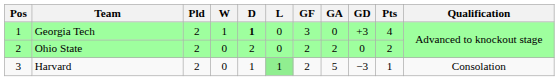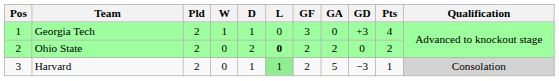 <table class="wikitable" style="text-align:center; margin: 1em auto">
 <tr>
 <th style=width:2em>Pos</th>
 <th style=width:13em>Team</th>
 <th style=width:2em>Pld</th>
 <th style=width:2em>W</th>
 <th style=width:2em>D</th>
 <th style=width:2em>L</th>
 <th style=width:2em>GF</th>
 <th style=width:2em>GA</th>
 <th style=width:2em>GD</th>
 <th style=width:2em>Pts</th>
 <th style=width:13em>Qualification</th>
 </tr>
 <tr bgcolor="#9eff9e">
 <td>1</td>
 <td style="text-align:left">Georgia Tech</td>
 <td>2</td>
 <td>1</td>
-<td><strong>1</strong></td>
+<td>1</td>
 <td>0</td>
 <td>3</td>
 <td>0</td>
 <td>+3</td>
 <td>4</td>
 <td rowspan="2">Advanced to knockout stage</td>
 </tr>
 <tr bgcolor="#9eff9e">
 <td>2</td>
 <td style="text-align:left">Ohio State</td>
 <td>2</td>
 <td>0</td>
 <td>2</td>
-<td>0</td>
+<td><strong>0</strong></td>
 <td>2</td>
 <td>2</td>
 <td>0</td>
 <td>2</td>
 </tr>
 <tr>
 <td>3</td>
 <td style="text-align:left">Harvard</td>
 <td>2</td>
 <td>0</td>
 <td>1</td>
 <td style="background: lightgreen;">1</td>
 <td>2</td>
 <td>5</td>
 <td>−3</td>
 <td>1</td>
-<td>Consolation</td>
+<td style="background: lightgrey;">Consolation</td>
 </tr>
 </table>
